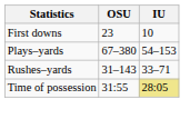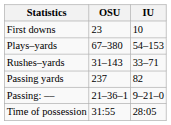 <table class="wikitable" style="float:left">
 <tr>
 <th>Statistics</th>
 <th>OSU</th>
 <th>IU</th>
 </tr>
 <tr>
 <td>First downs</td>
 <td>23</td>
 <td>10</td>
 </tr>
 <tr>
 <td>Plays–yards</td>
 <td>67–380</td>
 <td>54–153</td>
 </tr>
 <tr>
 <td>Rushes–yards</td>
 <td>31–143</td>
 <td>33–71</td>
 </tr>
 <tr>
+<td>Passing yards</td>
+<td>237</td>
+<td>82</td>
+</tr>
+<tr>
+<td>Passing: ––</td>
+<td>21–36–1</td>
+<td>9–21–0</td>
+</tr>
+<tr>
 <td>Time of possession</td>
 <td>31:55</td>
-<td style="background: khaki;">28:05</td>
+<td>28:05</td>
 </tr>
 </table>
